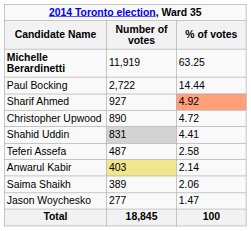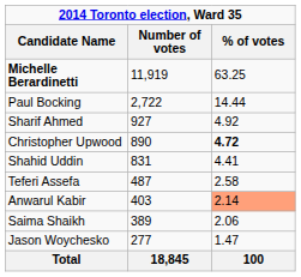 <table class="wikitable">
 <tr>
 <td Colspan="3" align="center"><strong><a href='#'>2014 Toronto election</a>, Ward 35</strong></td>
 </tr>
 <tr>
 <th scope="col" style="width: 150px;">Candidate Name</th>
 <th scope="col" style="width: 100px;">Number of votes</th>
 <th scope="col" style="width: 100px;">% of votes</th>
 </tr>
 <tr>
 <td><strong>Michelle Berardinetti</strong></td>
 <td>11,919</td>
 <td>63.25</td>
 </tr>
 <tr>
 <td>Paul Bocking</td>
 <td>2,722</td>
 <td>14.44</td>
 </tr>
 <tr>
 <td>Sharif Ahmed</td>
 <td>927</td>
-<td style="background: lightsalmon;">4.92</td>
+<td>4.92</td>
 </tr>
 <tr>
 <td>Christopher Upwood</td>
 <td>890</td>
-<td>4.72</td>
+<td><strong>4.72</strong></td>
 </tr>
 <tr>
 <td>Shahid Uddin</td>
-<td style="background: lightgrey;">831</td>
+<td>831</td>
 <td>4.41</td>
 </tr>
 <tr>
 <td>Teferi Assefa</td>
 <td>487</td>
 <td>2.58</td>
 </tr>
 <tr>
 <td>Anwarul Kabir</td>
-<td style="background: khaki;">403</td>
-<td>2.14</td>
+<td>403</td>
+<td style="background: lightsalmon;">2.14</td>
 </tr>
 <tr>
 <td>Saima Shaikh</td>
 <td>389</td>
 <td>2.06</td>
 </tr>
 <tr>
 <td>Jason Woychesko</td>
 <td>277</td>
 <td>1.47</td>
 </tr>
 <tr>
 <th>Total</th>
 <th>18,845</th>
 <th>100</th>
 </tr>
 </table>
